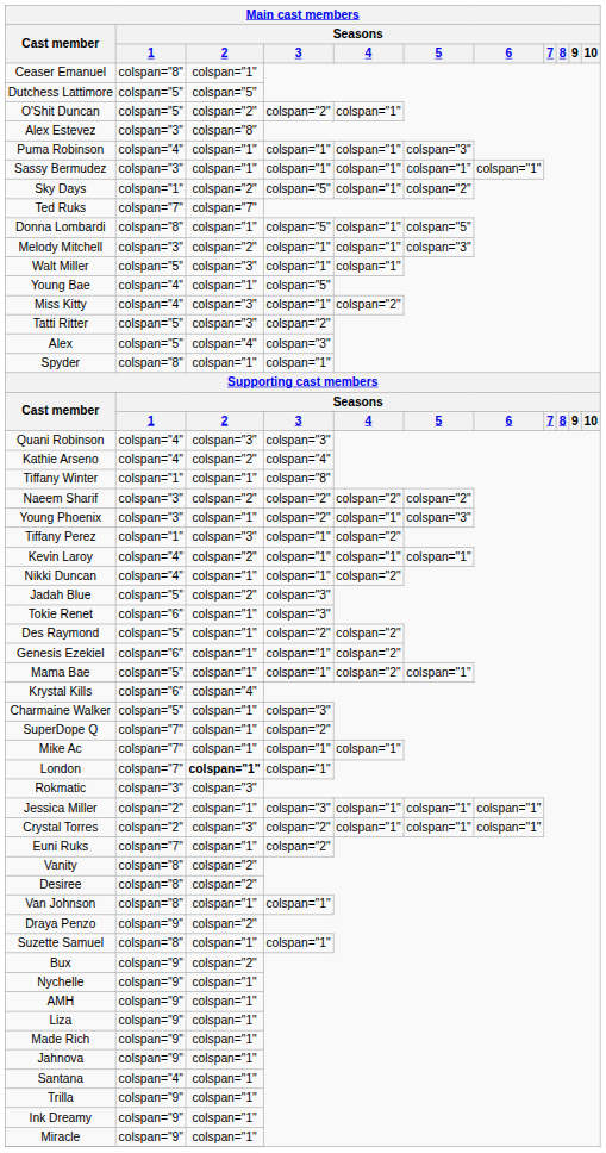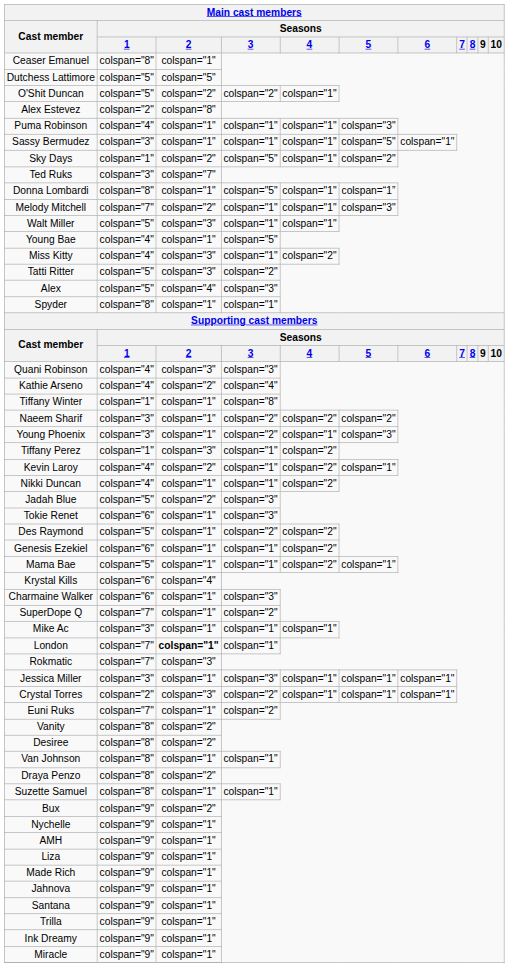 <table class="wikitable plainrowheaders" style="text-align:center;">
 <tr>
 <th colspan=11><a href='#'>Main cast members</a></th>
 </tr>
 <tr>
 <th rowspan="2" scope="col">Cast member</th>
 <th scope="col" colspan="10">Seasons</th>
 </tr>
 <tr>
 <th scope="col"><a href='#'>1</a></th>
 <th scope="col"><a href='#'>2</a></th>
 <th scope="col"><a href='#'>3</a></th>
 <th scope="col"><a href='#'>4</a></th>
 <th scope="col"><a href='#'>5</a></th>
 <th scope="col"><a href='#'>6</a></th>
 <th scope="col"><a href='#'>7</a></th>
 <th scope="col"><a href='#'>8</a></th>
 <th scope="col">9</th>
 <th scope="col">10</th>
 </tr>
 <tr>
 <td scope="row">Ceaser Emanuel</td>
 <td>colspan="8" </td>
 <td>colspan="1" </td>
 </tr>
 <tr>
 <td scope="row">Dutchess Lattimore</td>
 <td>colspan="5" </td>
 <td>colspan="5" </td>
 </tr>
 <tr>
 <td scope="row">O'Shit Duncan</td>
 <td>colspan="5" </td>
 <td>colspan="2" </td>
 <td>colspan="2" </td>
 <td>colspan="1" </td>
 </tr>
 <tr>
 <td scope="row">Alex Estevez</td>
-<td>colspan="3" </td>
+<td>colspan="2" </td>
 <td>colspan="8" </td>
 </tr>
 <tr>
 <td scope="row">Puma Robinson</td>
 <td>colspan="4" </td>
 <td>colspan="1" </td>
 <td>colspan="1" </td>
 <td>colspan="1" </td>
 <td>colspan="3" </td>
 </tr>
 <tr>
 <td scope="row">Sassy Bermudez</td>
 <td>colspan="3" </td>
 <td>colspan="1" </td>
 <td>colspan="1" </td>
 <td>colspan="1" </td>
-<td>colspan=“1” </td>
+<td>colspan="5" </td>
 <td>colspan="1" </td>
 </tr>
 <tr>
 <td scope="row">Sky Days</td>
 <td>colspan="1" </td>
 <td>colspan="2" </td>
 <td>colspan="5" </td>
 <td>colspan="1" </td>
 <td>colspan="2" </td>
 </tr>
 <tr>
 <td scope="row">Ted Ruks</td>
-<td>colspan="7" </td>
+<td>colspan="3" </td>
 <td>colspan="7" </td>
 </tr>
 <tr>
 <td scope="row">Donna Lombardi</td>
 <td>colspan="8" </td>
 <td>colspan="1" </td>
 <td>colspan="5" </td>
 <td>colspan="1" </td>
-<td>colspan="5" </td>
+<td>colspan=“1” </td>
 </tr>
 <tr>
 <td scope="row">Melody Mitchell</td>
-<td>colspan="3" </td>
+<td>colspan="7" </td>
 <td>colspan="2" </td>
 <td>colspan="1" </td>
 <td>colspan="1" </td>
 <td>colspan="3" </td>
 </tr>
 <tr>
 <td scope="row">Walt Miller</td>
 <td>colspan="5" </td>
 <td>colspan="3" </td>
 <td>colspan="1" </td>
 <td>colspan="1" </td>
 </tr>
 <tr>
 <td scope="row">Young Bae</td>
 <td>colspan="4" </td>
 <td>colspan="1" </td>
 <td>colspan="5" </td>
 </tr>
 <tr>
 <td scope="row">Miss Kitty</td>
 <td>colspan="4" </td>
 <td>colspan="3" </td>
 <td>colspan="1" </td>
 <td>colspan="2" </td>
 </tr>
 <tr>
 <td scope="row">Tatti Ritter</td>
 <td>colspan="5" </td>
 <td>colspan="3" </td>
 <td>colspan="2" </td>
 </tr>
 <tr>
 <td scope="row">Alex</td>
 <td>colspan="5" </td>
 <td>colspan="4" </td>
 <td>colspan="3" </td>
 </tr>
 <tr>
 <td scope="row">Spyder</td>
 <td>colspan="8" </td>
 <td>colspan="1" </td>
 <td>colspan="1" </td>
 </tr>
 <tr>
 <th colspan= 11><a href='#'>Supporting cast members</a></th>
 </tr>
 <tr>
 <th rowspan="2" scope="col">Cast member</th>
 <th scope="col" colspan="10">Seasons</th>
 </tr>
 <tr>
 <th scope="col"><a href='#'>1</a></th>
 <th scope="col"><a href='#'>2</a></th>
 <th scope="col"><a href='#'>3</a></th>
 <th scope="col"><a href='#'>4</a></th>
 <th scope="col"><a href='#'>5</a></th>
 <th scope="col"><a href='#'>6</a></th>
 <th scope="col"><a href='#'>7</a></th>
 <th scope="col"><a href='#'>8</a></th>
 <th scope="col">9</th>
 <th scope="col">10</th>
 </tr>
 <tr>
 <td scope="row">Quani Robinson</td>
 <td>colspan="4" </td>
 <td>colspan="3" </td>
 <td>colspan="3" </td>
 </tr>
 <tr>
 <td scope="row">Kathie Arseno</td>
 <td>colspan="4" </td>
 <td>colspan="2" </td>
 <td>colspan="4" </td>
 </tr>
 <tr>
 <td scope="row">Tiffany Winter</td>
 <td>colspan="1" </td>
 <td>colspan="1" </td>
 <td>colspan="8" </td>
 </tr>
 <tr>
 <td scope="row">Naeem Sharif</td>
 <td>colspan="3" </td>
-<td>colspan="2" </td>
+<td>colspan="1" </td>
 <td>colspan="2" </td>
 <td>colspan="2" </td>
 <td>colspan="2" </td>
 </tr>
 <tr>
 <td scope="row">Young Phoenix</td>
 <td>colspan="3" </td>
 <td>colspan="1" </td>
 <td>colspan="2" </td>
 <td>colspan="1" </td>
 <td>colspan="3" </td>
 </tr>
 <tr>
 <td scope="row">Tiffany Perez</td>
 <td>colspan="1" </td>
 <td>colspan="3" </td>
 <td>colspan="1" </td>
 <td>colspan="2" </td>
 </tr>
 <tr>
 <td scope="row">Kevin Laroy</td>
 <td>colspan="4" </td>
 <td>colspan="2" </td>
 <td>colspan="1" </td>
-<td>colspan="1" </td>
+<td>colspan="2" </td>
 <td>colspan="1" </td>
 </tr>
 <tr>
 <td scope="row">Nikki Duncan</td>
 <td>colspan="4" </td>
 <td>colspan="1" </td>
 <td>colspan="1" </td>
 <td>colspan="2" </td>
 </tr>
 <tr>
 <td scope="row">Jadah Blue</td>
 <td>colspan="5" </td>
 <td>colspan="2" </td>
 <td>colspan="3" </td>
 </tr>
 <tr>
 <td scope="row">Tokie Renet</td>
 <td>colspan="6" </td>
 <td>colspan="1" </td>
 <td>colspan="3" </td>
 </tr>
 <tr>
 <td scope="row">Des Raymond</td>
 <td>colspan="5" </td>
 <td>colspan="1" </td>
 <td>colspan="2" </td>
 <td>colspan="2" </td>
 </tr>
 <tr>
 <td scope="row">Genesis Ezekiel</td>
 <td>colspan="6" </td>
 <td>colspan="1" </td>
 <td>colspan="1" </td>
 <td>colspan="2" </td>
 </tr>
 <tr>
 <td scope="row">Mama Bae</td>
 <td>colspan="5" </td>
 <td>colspan="1" </td>
 <td>colspan="1" </td>
 <td>colspan="2" </td>
 <td>colspan="1" </td>
 </tr>
 <tr>
 <td scope="row">Krystal Kills</td>
 <td>colspan="6" </td>
 <td>colspan="4" </td>
 </tr>
 <tr>
 <td scope="row">Charmaine Walker</td>
-<td>colspan="5" </td>
+<td>colspan="6" </td>
 <td>colspan="1" </td>
 <td>colspan="3" </td>
 </tr>
 <tr>
 <td scope="row">SuperDope Q</td>
 <td>colspan="7" </td>
 <td>colspan="1" </td>
 <td>colspan="2" </td>
 </tr>
 <tr>
 <td scope="row">Mike Ac</td>
-<td>colspan="7" </td>
+<td>colspan="3" </td>
 <td>colspan="1" </td>
 <td>colspan="1" </td>
 <td>colspan="1" </td>
 </tr>
 <tr>
 <td scope="row">London</td>
 <td>colspan="7" </td>
 <td><strong>colspan="1" </strong></td>
 <td>colspan="1" </td>
 </tr>
 <tr>
 <td scope="row">Rokmatic</td>
-<td>colspan="3" </td>
+<td>colspan="7" </td>
 <td>colspan="3" </td>
 </tr>
 <tr>
 <td scope="row">Jessica Miller</td>
-<td>colspan="2" </td>
+<td>colspan="3" </td>
 <td>colspan="1" </td>
 <td>colspan="3" </td>
 <td>colspan="1" </td>
 <td>colspan="1" </td>
 <td>colspan="1" </td>
 </tr>
 <tr>
 <td scope="row">Crystal Torres</td>
 <td>colspan="2" </td>
 <td>colspan="3" </td>
 <td>colspan="2" </td>
 <td>colspan="1" </td>
 <td>colspan="1" </td>
 <td>colspan="1" </td>
 </tr>
 <tr>
 <td scope="row">Euni Ruks</td>
 <td>colspan="7" </td>
 <td>colspan="1" </td>
 <td>colspan="2" </td>
 </tr>
 <tr>
 <td scope="row">Vanity</td>
 <td>colspan="8" </td>
 <td>colspan="2" </td>
 </tr>
 <tr>
 <td scope="row">Desiree</td>
 <td>colspan="8" </td>
 <td>colspan="2" </td>
 </tr>
 <tr>
 <td scope="row">Van Johnson</td>
 <td>colspan="8" </td>
 <td>colspan="1" </td>
 <td>colspan="1" </td>
 </tr>
 <tr>
 <td scope="row">Draya Penzo</td>
-<td>colspan="9" </td>
+<td>colspan="8" </td>
 <td>colspan="2" </td>
 </tr>
 <tr>
 <td scope="row">Suzette Samuel</td>
 <td>colspan="8" </td>
 <td>colspan="1" </td>
 <td>colspan="1" </td>
 </tr>
 <tr>
 <td scope="row">Bux</td>
 <td>colspan="9" </td>
 <td>colspan="2" </td>
 </tr>
 <tr>
 <td scope="row">Nychelle</td>
 <td>colspan="9" </td>
 <td>colspan="1" </td>
 </tr>
 <tr>
 <td scope="row">AMH</td>
 <td>colspan="9" </td>
 <td>colspan="1" </td>
 </tr>
 <tr>
 <td scope="row">Liza</td>
 <td>colspan="9" </td>
 <td>colspan="1" </td>
 </tr>
 <tr>
 <td scope="row">Made Rich</td>
 <td>colspan="9" </td>
 <td>colspan="1" </td>
 </tr>
 <tr>
 <td scope="row">Jahnova</td>
 <td>colspan="9" </td>
 <td>colspan="1" </td>
 </tr>
 <tr>
 <td scope="row">Santana</td>
-<td>colspan="4" </td>
+<td>colspan="9" </td>
 <td>colspan="1" </td>
 </tr>
 <tr>
 <td scope="row">Trilla</td>
 <td>colspan="9" </td>
 <td>colspan="1" </td>
 </tr>
 <tr>
 <td scope="row">Ink Dreamy</td>
 <td>colspan="9" </td>
 <td>colspan="1" </td>
 </tr>
 <tr>
 <td scope="row">Miracle</td>
 <td>colspan="9" </td>
 <td>colspan="1" </td>
 </tr>
 <tr>
 </tr>
 </table>
